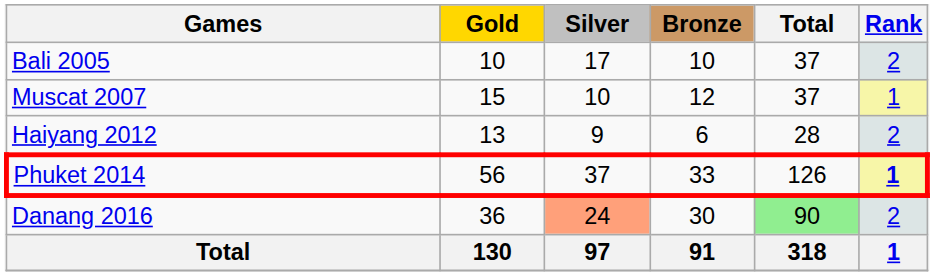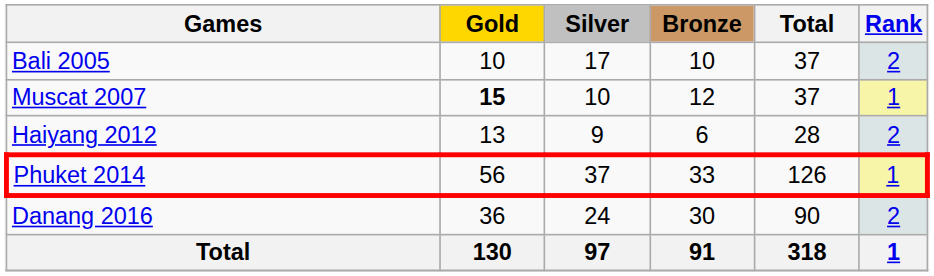 <table class="wikitable sortable" style="margin-top:0em; text-align:center; font-size:90%;">
 <tr>
 <th style="width:18em;">Games</th>
 <th style="width:4em; background:gold;">Gold</th>
 <th style="width:4em; background:silver;">Silver</th>
 <th style="width:4em; background:#cc9966;">Bronze</th>
 <th style="width:4em;">Total</th>
 <th style="width:2em;"><a href='#'>Rank</a></th>
 </tr>
 <tr>
 <td align=left> <a href='#'>Bali 2005</a></td>
 <td>10</td>
 <td>17</td>
 <td>10</td>
 <td>37</td>
 <td bgcolor=dce5e5><a href='#'>2</a></td>
 </tr>
 <tr>
 <td align=left> <a href='#'>Muscat 2007</a></td>
-<td>15</td>
+<td><strong>15</strong></td>
 <td>10</td>
 <td>12</td>
 <td>37</td>
 <td bgcolor=f7f6a8><a href='#'>1</a></td>
 </tr>
 <tr>
 <td align=left> <a href='#'>Haiyang 2012</a></td>
 <td>13</td>
 <td>9</td>
 <td>6</td>
 <td>28</td>
 <td bgcolor=dce5e5><a href='#'>2</a></td>
 </tr>
 <tr style="border: 3px solid red">
 <td align=left> <a href='#'>Phuket 2014</a></td>
 <td>56</td>
 <td>37</td>
 <td>33</td>
 <td>126</td>
-<td bgcolor=f7f6a8><strong><a href='#'>1</a></strong></td>
+<td bgcolor=f7f6a8><a href='#'>1</a></td>
 </tr>
 <tr>
 <td align=left> <a href='#'>Danang 2016</a></td>
 <td>36</td>
-<td style="background: lightsalmon;">24</td>
+<td>24</td>
 <td>30</td>
-<td style="background: lightgreen;">90</td>
+<td>90</td>
 <td bgcolor=dce5e5><a href='#'>2</a></td>
 </tr>
 <tr>
 <th><strong>Total</strong></th>
 <th><strong>130</strong></th>
 <th><strong>97</strong></th>
 <th><strong>91</strong></th>
 <th><strong>318</strong></th>
 <th><strong><a href='#'>1</a></strong></th>
 </tr>
 <tr class="sortbottom">
 </tr>
 </table>
